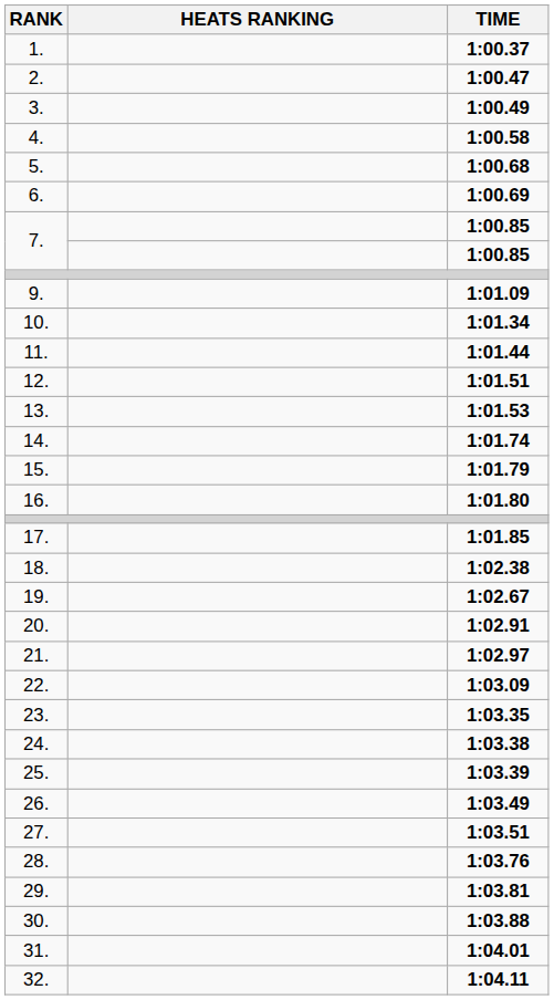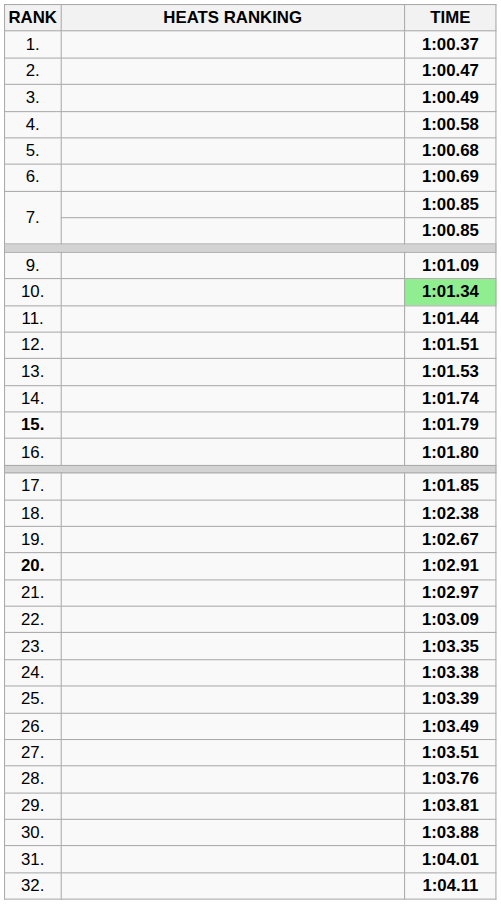 <table class="wikitable">
 <tr>
 <th>RANK</th>
 <th style="width: 20em">HEATS RANKING</th>
 <th style="width: 5em">TIME</th>
 </tr>
 <tr>
 <td align="center">1.</td>
 <td></td>
 <td align="center"><strong>1:00.37</strong></td>
 </tr>
 <tr>
 <td align="center">2.</td>
 <td></td>
 <td align="center"><strong>1:00.47</strong></td>
 </tr>
 <tr>
 <td align="center">3.</td>
 <td></td>
 <td align="center"><strong>1:00.49</strong></td>
 </tr>
 <tr>
 <td align="center">4.</td>
 <td></td>
 <td align="center"><strong>1:00.58</strong></td>
 </tr>
 <tr>
 <td align="center">5.</td>
 <td></td>
 <td align="center"><strong>1:00.68</strong></td>
 </tr>
 <tr>
 <td align="center">6.</td>
 <td></td>
 <td align="center"><strong>1:00.69</strong></td>
 </tr>
 <tr>
 <td rowspan=2 align="center">7.</td>
 <td></td>
 <td align="center"><strong>1:00.85</strong></td>
 </tr>
 <tr>
 <td></td>
 <td align="center"><strong>1:00.85</strong></td>
 </tr>
 <tr>
 <td colspan=3 bgcolor=lightgray></td>
 </tr>
 <tr>
 <td align="center">9.</td>
 <td></td>
 <td align="center"><strong>1:01.09</strong></td>
 </tr>
 <tr>
 <td align="center">10.</td>
 <td></td>
-<td align="center"><strong>1:01.34</strong></td>
+<td align="center" style="background: lightgreen;"><strong>1:01.34</strong></td>
 </tr>
 <tr>
 <td align="center">11.</td>
 <td></td>
 <td align="center"><strong>1:01.44</strong></td>
 </tr>
 <tr>
 <td align="center">12.</td>
 <td></td>
 <td align="center"><strong>1:01.51</strong></td>
 </tr>
 <tr>
 <td align="center">13.</td>
 <td></td>
 <td align="center"><strong>1:01.53</strong></td>
 </tr>
 <tr>
 <td align="center">14.</td>
 <td></td>
 <td align="center"><strong>1:01.74</strong></td>
 </tr>
 <tr>
-<td align="center">15.</td>
+<td align="center"><strong>15.</strong></td>
 <td></td>
 <td align="center"><strong>1:01.79</strong></td>
 </tr>
 <tr>
 <td align="center">16.</td>
 <td></td>
 <td align="center"><strong>1:01.80</strong></td>
 </tr>
 <tr>
 <td colspan=3 bgcolor=lightgray></td>
 </tr>
 <tr>
 <td align="center">17.</td>
 <td></td>
 <td align="center"><strong>1:01.85</strong></td>
 </tr>
 <tr>
 <td align="center">18.</td>
 <td></td>
 <td align="center"><strong>1:02.38</strong></td>
 </tr>
 <tr>
 <td align="center">19.</td>
 <td></td>
 <td align="center"><strong>1:02.67</strong></td>
 </tr>
 <tr>
-<td align="center">20.</td>
+<td align="center"><strong>20.</strong></td>
 <td></td>
 <td align="center"><strong>1:02.91</strong></td>
 </tr>
 <tr>
 <td align="center">21.</td>
 <td></td>
 <td align="center"><strong>1:02.97</strong></td>
 </tr>
 <tr>
 <td align="center">22.</td>
 <td></td>
 <td align="center"><strong>1:03.09</strong></td>
 </tr>
 <tr>
 <td align="center">23.</td>
 <td></td>
 <td align="center"><strong>1:03.35</strong></td>
 </tr>
 <tr>
 <td align="center">24.</td>
 <td></td>
 <td align="center"><strong>1:03.38</strong></td>
 </tr>
 <tr>
 <td align="center">25.</td>
 <td></td>
 <td align="center"><strong>1:03.39</strong></td>
 </tr>
 <tr>
 <td align="center">26.</td>
 <td></td>
 <td align="center"><strong>1:03.49</strong></td>
 </tr>
 <tr>
 <td align="center">27.</td>
 <td></td>
 <td align="center"><strong>1:03.51</strong></td>
 </tr>
 <tr>
 <td align="center">28.</td>
 <td></td>
 <td align="center"><strong>1:03.76</strong></td>
 </tr>
 <tr>
 <td align="center">29.</td>
 <td></td>
 <td align="center"><strong>1:03.81</strong></td>
 </tr>
 <tr>
 <td align="center">30.</td>
 <td></td>
 <td align="center"><strong>1:03.88</strong></td>
 </tr>
 <tr>
 <td align="center">31.</td>
 <td></td>
 <td align="center"><strong>1:04.01</strong></td>
 </tr>
 <tr>
 <td align="center">32.</td>
 <td></td>
 <td align="center"><strong>1:04.11</strong></td>
 </tr>
 </table>
